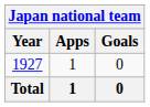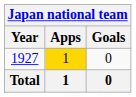 <table class="wikitable" style="text-align:center">
 <tr>
 <th colspan=3><a href='#'>Japan national team</a></th>
 </tr>
 <tr>
 <th>Year</th>
 <th>Apps</th>
 <th>Goals</th>
 </tr>
 <tr>
 <td><a href='#'>1927</a></td>
-<td>1</td>
+<td style="background: gold;">1</td>
 <td>0</td>
 </tr>
 <tr>
 <th>Total</th>
 <th>1</th>
 <th>0</th>
 </tr>
 </table>
